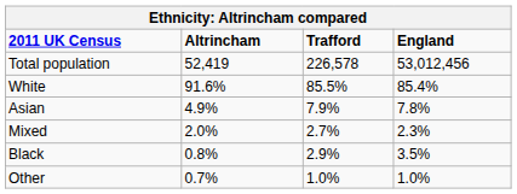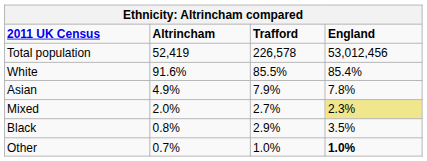 <table class="wikitable" id="toc" style="float: right; margin-left: 1em; width: 35em; font-size: 90%;" cellspacing="5">
 <tr>
 <th colspan="4">Ethnicity: Altrincham compared</th>
 </tr>
 <tr>
 <td><strong><a href='#'>2011 UK Census</a></strong></td>
 <td><strong>Altrincham</strong></td>
 <td><strong>Trafford</strong></td>
 <td><strong>England</strong></td>
 </tr>
 <tr>
 <td>Total population</td>
 <td>52,419</td>
 <td>226,578</td>
 <td>53,012,456</td>
 </tr>
 <tr>
 <td>White</td>
 <td>91.6%</td>
 <td>85.5%</td>
 <td>85.4%</td>
 </tr>
 <tr>
 <td>Asian</td>
 <td>4.9%</td>
 <td>7.9%</td>
 <td>7.8%</td>
 </tr>
 <tr>
 <td>Mixed</td>
 <td>2.0%</td>
 <td>2.7%</td>
-<td>2.3%</td>
+<td style="background: khaki;">2.3%</td>
 </tr>
 <tr>
 <td>Black</td>
 <td>0.8%</td>
 <td>2.9%</td>
 <td>3.5%</td>
 </tr>
 <tr>
 <td>Other</td>
 <td>0.7%</td>
 <td>1.0%</td>
-<td>1.0%</td>
+<td><strong>1.0%</strong></td>
 </tr>
 </table>
